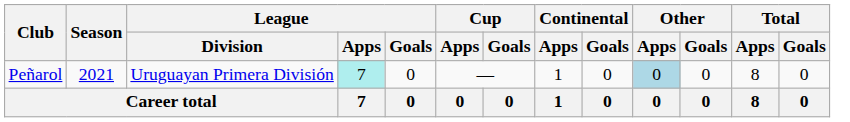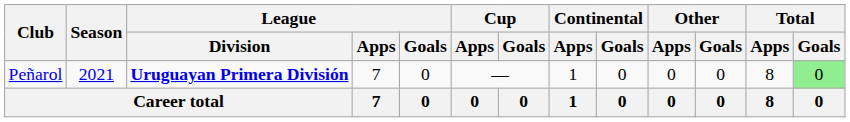 <table class="wikitable" Style="text-align: center">
 <tr>
 <th rowspan="2">Club</th>
 <th rowspan="2">Season</th>
 <th colspan="3">League</th>
 <th colspan="2">Cup</th>
 <th colspan="2">Continental</th>
 <th colspan="2">Other</th>
 <th colspan="2">Total</th>
 </tr>
 <tr>
 <th>Division</th>
 <th>Apps</th>
 <th>Goals</th>
 <th>Apps</th>
 <th>Goals</th>
 <th>Apps</th>
 <th>Goals</th>
 <th>Apps</th>
 <th>Goals</th>
 <th>Apps</th>
 <th>Goals</th>
 </tr>
 <tr>
 <td rowspan="1"><a href='#'>Peñarol</a></td>
 <td><a href='#'>2021</a></td>
-<td rowspan="1"><a href='#'>Uruguayan Primera División</a></td>
-<td style="background: paleturquoise;">7</td>
+<td rowspan="1"><strong><a href='#'>Uruguayan Primera División</a></strong></td>
+<td>7</td>
 <td>0</td>
 <td colspan="2">—</td>
 <td>1</td>
 <td>0</td>
-<td style="background: lightblue;">0</td>
+<td>0</td>
 <td>0</td>
 <td>8</td>
-<td>0</td>
+<td style="background: lightgreen;">0</td>
 </tr>
 <tr>
 <th colspan="3">Career total</th>
 <th>7</th>
 <th>0</th>
 <th>0</th>
 <th>0</th>
 <th>1</th>
 <th>0</th>
 <th>0</th>
 <th>0</th>
 <th>8</th>
 <th>0</th>
 </tr>
 </table>
